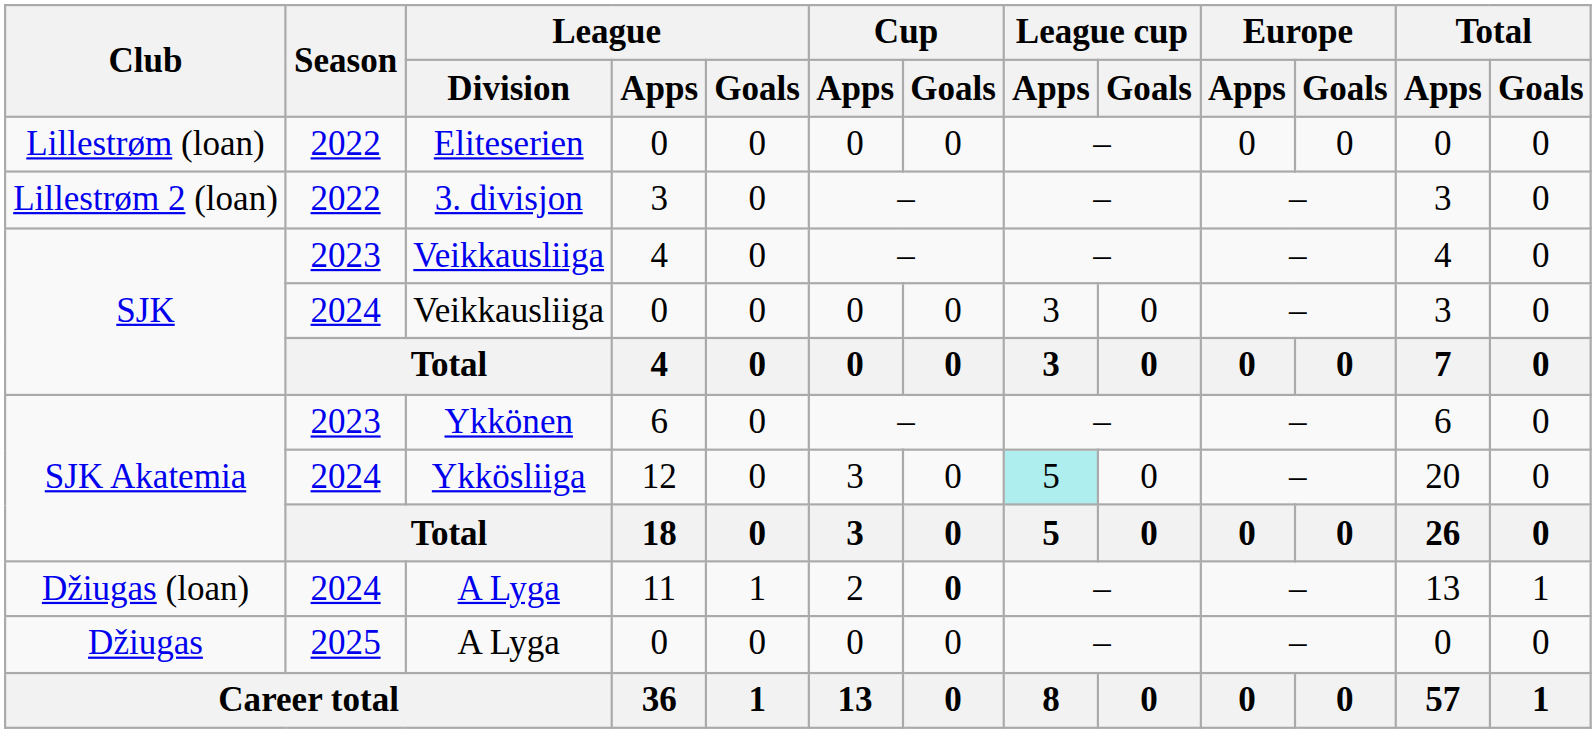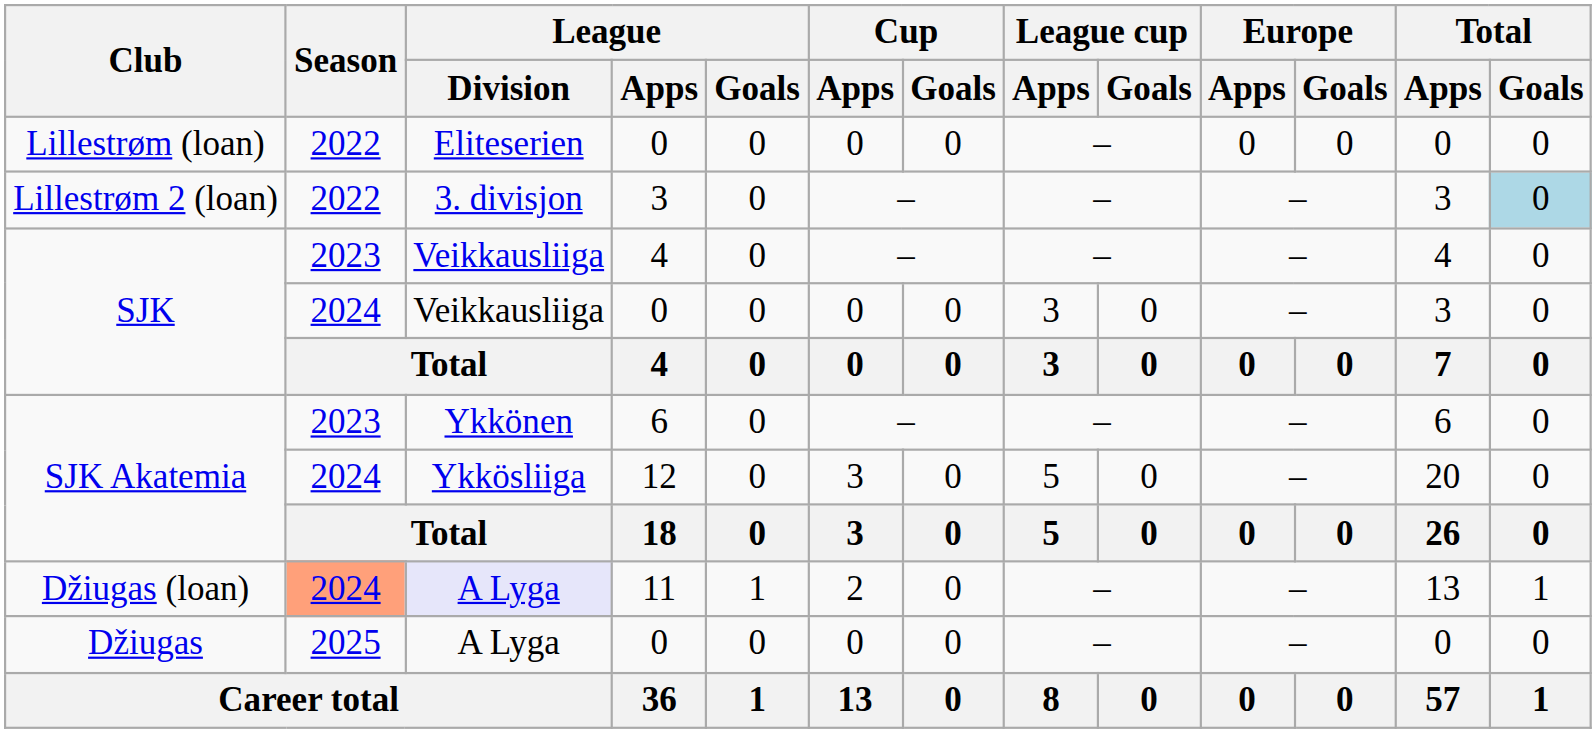 <table class="wikitable" style="text-align:center">
 <tr>
 <th rowspan="2">Club</th>
 <th rowspan="2">Season</th>
 <th colspan="3">League</th>
 <th colspan="2">Cup</th>
 <th colspan="2">League cup</th>
 <th colspan="2">Europe</th>
 <th colspan="2">Total</th>
 </tr>
 <tr>
 <th>Division</th>
 <th>Apps</th>
 <th>Goals</th>
 <th>Apps</th>
 <th>Goals</th>
 <th>Apps</th>
 <th>Goals</th>
 <th>Apps</th>
 <th>Goals</th>
 <th>Apps</th>
 <th>Goals</th>
 </tr>
 <tr>
 <td><a href='#'>Lillestrøm</a> (loan)</td>
 <td><a href='#'>2022</a></td>
 <td><a href='#'>Eliteserien</a></td>
 <td>0</td>
 <td>0</td>
 <td>0</td>
 <td>0</td>
 <td colspan=2>–</td>
 <td>0</td>
 <td>0</td>
 <td>0</td>
 <td>0</td>
 </tr>
 <tr>
 <td><a href='#'>Lillestrøm 2</a> (loan)</td>
 <td><a href='#'>2022</a></td>
 <td><a href='#'>3. divisjon</a></td>
 <td>3</td>
 <td>0</td>
 <td colspan=2>–</td>
 <td colspan=2>–</td>
 <td colspan=2>–</td>
 <td>3</td>
-<td>0</td>
+<td style="background: lightblue;">0</td>
 </tr>
 <tr>
 <td rowspan=3><a href='#'>SJK</a></td>
 <td><a href='#'>2023</a></td>
 <td><a href='#'>Veikkausliiga</a></td>
 <td>4</td>
 <td>0</td>
 <td colspan=2>–</td>
 <td colspan=2>–</td>
 <td colspan=2>–</td>
 <td>4</td>
 <td>0</td>
 </tr>
 <tr>
 <td><a href='#'>2024</a></td>
 <td>Veikkausliiga</td>
 <td>0</td>
 <td>0</td>
 <td>0</td>
 <td>0</td>
 <td>3</td>
 <td>0</td>
 <td colspan=2>–</td>
 <td>3</td>
 <td>0</td>
 </tr>
 <tr>
 <th colspan="2">Total</th>
 <th>4</th>
 <th>0</th>
 <th>0</th>
 <th>0</th>
 <th>3</th>
 <th>0</th>
 <th>0</th>
 <th>0</th>
 <th>7</th>
 <th>0</th>
 </tr>
 <tr>
 <td rowspan=3><a href='#'>SJK Akatemia</a></td>
 <td><a href='#'>2023</a></td>
 <td><a href='#'>Ykkönen</a></td>
 <td>6</td>
 <td>0</td>
 <td colspan=2>–</td>
 <td colspan=2>–</td>
 <td colspan=2>–</td>
 <td>6</td>
 <td>0</td>
 </tr>
 <tr>
 <td><a href='#'>2024</a></td>
 <td><a href='#'>Ykkösliiga</a></td>
 <td>12</td>
 <td>0</td>
 <td>3</td>
 <td>0</td>
-<td style="background: paleturquoise;">5</td>
+<td>5</td>
 <td>0</td>
 <td colspan=2>–</td>
 <td>20</td>
 <td>0</td>
 </tr>
 <tr>
 <th colspan="2">Total</th>
 <th>18</th>
 <th>0</th>
 <th>3</th>
 <th>0</th>
 <th>5</th>
 <th>0</th>
 <th>0</th>
 <th>0</th>
 <th>26</th>
 <th>0</th>
 </tr>
 <tr>
 <td><a href='#'>Džiugas</a> (loan)</td>
-<td><a href='#'>2024</a></td>
-<td><a href='#'>A Lyga</a></td>
+<td style="background: lightsalmon;"><a href='#'>2024</a></td>
+<td style="background: lavender;"><a href='#'>A Lyga</a></td>
 <td>11</td>
 <td>1</td>
 <td>2</td>
-<td><strong>0</strong></td>
+<td>0</td>
 <td colspan=2>–</td>
 <td colspan=2>–</td>
 <td>13</td>
 <td>1</td>
 </tr>
 <tr>
 <td><a href='#'>Džiugas</a></td>
 <td><a href='#'>2025</a></td>
 <td>A Lyga</td>
 <td>0</td>
 <td>0</td>
 <td>0</td>
 <td>0</td>
 <td colspan=2>–</td>
 <td colspan=2>–</td>
 <td>0</td>
 <td>0</td>
 </tr>
 <tr>
 <th colspan="3">Career total</th>
 <th>36</th>
 <th>1</th>
 <th>13</th>
 <th>0</th>
 <th>8</th>
 <th>0</th>
 <th>0</th>
 <th>0</th>
 <th>57</th>
 <th>1</th>
 </tr>
 </table>
